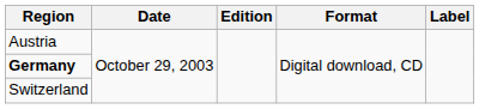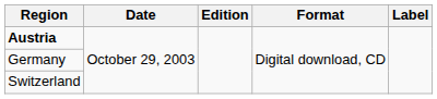 <table class="wikitable">
 <tr>
 <th scope="col">Region</th>
 <th scope="col">Date</th>
 <th scope="col">Edition</th>
 <th scope="col">Format</th>
 <th scope="col">Label</th>
 </tr>
 <tr>
-<td>Austria</td>
+<td><strong>Austria</strong></td>
 <td rowspan="3">October 29, 2003</td>
 <td rowspan="3"></td>
 <td rowspan="3">Digital download, CD</td>
 <td rowspan="3"></td>
 </tr>
 <tr>
-<td><strong>Germany</strong></td>
+<td>Germany</td>
 </tr>
 <tr>
 <td>Switzerland</td>
 </tr>
 </table>
